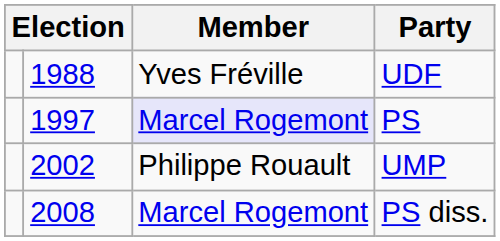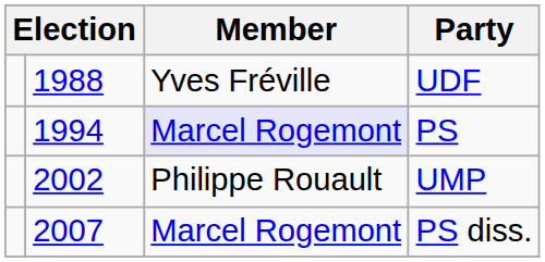 <table class="wikitable">
 <tr>
 <th colspan="2">Election</th>
 <th>Member</th>
 <th>Party</th>
 </tr>
 <tr>
 <td style="color:inherit;background-color: "></td>
 <td><a href='#'>1988</a></td>
 <td>Yves Fréville</td>
 <td><a href='#'>UDF</a></td>
 </tr>
 <tr>
 <td style="color:inherit;background-color: "></td>
-<td><a href='#'>1997</a></td>
+<td><a href='#'>1994</a></td>
 <td style="background: lavender;"><a href='#'>Marcel Rogemont</a></td>
 <td><a href='#'>PS</a></td>
 </tr>
 <tr>
 <td style="color:inherit;background-color: "></td>
 <td><a href='#'>2002</a></td>
 <td>Philippe Rouault</td>
 <td><a href='#'>UMP</a></td>
 </tr>
 <tr>
 <td style="color:inherit;background-color: "></td>
-<td><a href='#'>2008</a></td>
+<td><a href='#'>2007</a></td>
 <td><a href='#'>Marcel Rogemont</a></td>
 <td><a href='#'>PS</a> diss.</td>
 </tr>
 </table>
